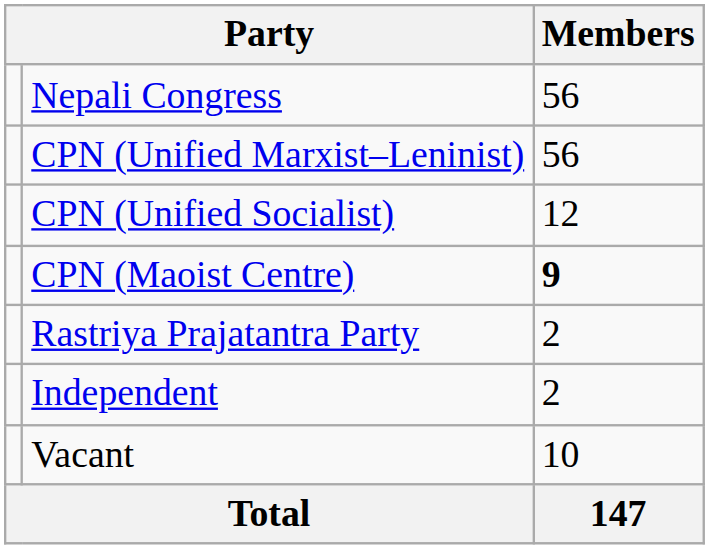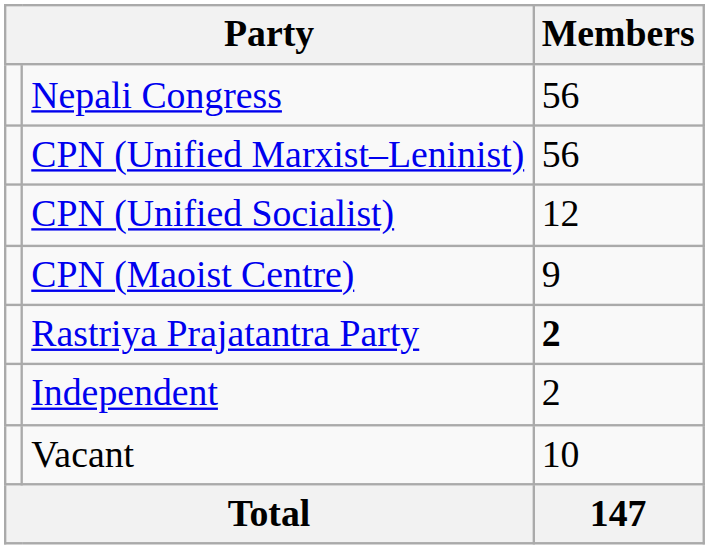 <table class="wikitable">
 <tr>
 <th colspan="2">Party</th>
 <th>Members</th>
 </tr>
 <tr>
 <td style="background-color:"><br></td>
 <td><a href='#'>Nepali Congress</a></td>
 <td>56</td>
 </tr>
 <tr>
 <td style="background-color:"><br></td>
 <td><a href='#'>CPN (Unified Marxist–Leninist)</a></td>
 <td>56</td>
 </tr>
 <tr>
 <td style="background-color:"><br></td>
 <td><a href='#'>CPN (Unified Socialist)</a></td>
 <td>12</td>
 </tr>
 <tr>
 <td style="background-color:"><br></td>
 <td><a href='#'>CPN (Maoist Centre)</a></td>
-<td><strong>9</strong></td>
+<td>9</td>
 </tr>
 <tr>
 <td style="background-color:"><br></td>
 <td><a href='#'>Rastriya Prajatantra Party</a></td>
-<td>2</td>
+<td><strong>2</strong></td>
 </tr>
 <tr>
 <td style="background-color:"><br></td>
 <td><a href='#'>Independent</a></td>
 <td>2</td>
 </tr>
 <tr>
 <td></td>
 <td>Vacant</td>
 <td>10</td>
 </tr>
 <tr>
 <th colspan="2">Total</th>
 <th>147</th>
 </tr>
 </table>
